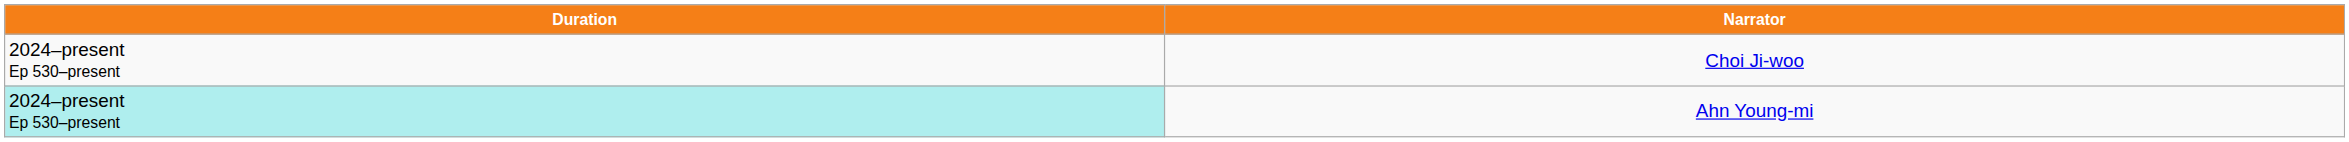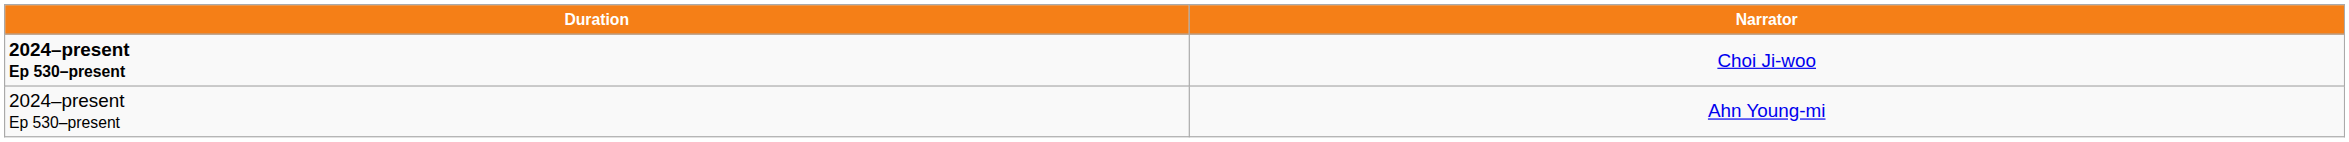 <table class="wikitable plainrowheaders" style="width:100%;">
 <tr>
 <th scope="col" style="background:#F57F17; color:#fff;"><small>Duration</small></th>
 <th scope="col" style="background:#F57F17; color:#fff;" colspan="4"><small>Narrator</small></th>
 </tr>
 <tr>
-<td>2024–present <br><small>Ep 530–present</small></td>
+<td><strong>2024–present <br><small>Ep 530–present</small></strong></td>
 <td colspan="4" style="text-align:center;"><a href='#'>Choi Ji-woo</a></td>
 </tr>
 <tr>
-<td style="background: paleturquoise;">2024–present <br><small>Ep 530–present</small></td>
+<td>2024–present <br><small>Ep 530–present</small></td>
 <td colspan="4" style="text-align:center;"><a href='#'>Ahn Young-mi</a></td>
 </tr>
 </table>
